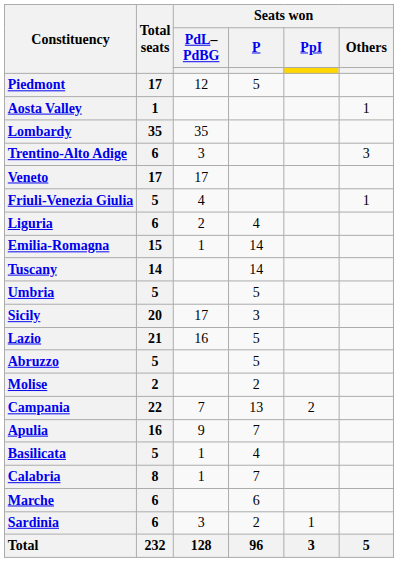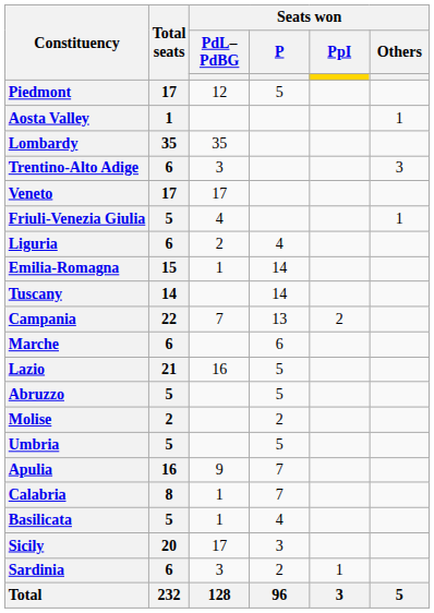 <table class="wikitable" style="text-align:center; font-size: 0.9em">
 <tr>
 <th rowspan="3">Constituency</th>
 <th rowspan="3">Total<br>seats</th>
 <th colspan="4">Seats won</th>
 </tr>
 <tr>
 <th class="unsortable" style="width:50px;"><a href='#'>PdL</a>–<a href='#'>PdBG</a></th>
 <th class="unsortable" style="width:50px;"><a href='#'>P</a></th>
 <th class="unsortable" style="width:50px;"><a href='#'>PpI</a></th>
 <th class="unsortable" style="width:50px;">Others</th>
 </tr>
 <tr>
 <th style="background:"></th>
 <th style="background:"></th>
 <th style="background:gold;"></th>
 <th style="background:"></th>
 </tr>
 <tr>
 <th style="text-align: left;"><a href='#'>Piedmont</a></th>
 <th>17</th>
 <td>12</td>
 <td>5</td>
 <td></td>
 <td></td>
 </tr>
 <tr>
 <th style="text-align: left;"><a href='#'>Aosta Valley</a></th>
 <th>1</th>
 <td></td>
 <td></td>
 <td></td>
 <td>1</td>
 </tr>
 <tr>
 <th style="text-align: left;"><a href='#'>Lombardy</a></th>
 <th>35</th>
 <td>35</td>
 <td></td>
 <td></td>
 <td></td>
 </tr>
 <tr>
 <th style="text-align: left;"><a href='#'>Trentino-Alto Adige</a></th>
 <th>6</th>
 <td>3</td>
 <td></td>
 <td></td>
 <td>3</td>
 </tr>
 <tr>
 <th style="text-align: left;"><a href='#'>Veneto</a></th>
 <th>17</th>
 <td>17</td>
 <td></td>
 <td></td>
 <td></td>
 </tr>
 <tr>
 <th style="text-align: left;"><a href='#'>Friuli-Venezia Giulia</a></th>
 <th>5</th>
 <td>4</td>
 <td></td>
 <td></td>
 <td>1</td>
 </tr>
 <tr>
 <th style="text-align: left;"><a href='#'>Liguria</a></th>
 <th>6</th>
 <td>2</td>
 <td>4</td>
 <td></td>
 <td></td>
 </tr>
 <tr>
 <th style="text-align: left;"><a href='#'>Emilia-Romagna</a></th>
 <th>15</th>
 <td>1</td>
 <td>14</td>
 <td></td>
 <td></td>
 </tr>
 <tr>
 <th style="text-align: left;"><a href='#'>Tuscany</a></th>
 <th>14</th>
 <td></td>
 <td>14</td>
 <td></td>
 <td></td>
 </tr>
 <tr>
-<th style="text-align: left;"><a href='#'>Umbria</a></th>
-<th>5</th>
-<td></td>
-<td>5</td>
-<td></td>
+<th style="text-align: left;"><a href='#'>Campania</a></th>
+<th>22</th>
+<td>7</td>
+<td>13</td>
+<td>2</td>
 <td></td>
 </tr>
 <tr>
-<th style="text-align: left;"><a href='#'>Sicily</a></th>
-<th>20</th>
-<td>17</td>
-<td>3</td>
+<th style="text-align: left;"><a href='#'>Marche</a></th>
+<th>6</th>
+<td></td>
+<td>6</td>
 <td></td>
 <td></td>
 </tr>
 <tr>
 <th style="text-align: left;"><a href='#'>Lazio</a></th>
 <th>21</th>
 <td>16</td>
 <td>5</td>
 <td></td>
 <td></td>
 </tr>
 <tr>
 <th style="text-align: left;"><a href='#'>Abruzzo</a></th>
 <th>5</th>
 <td></td>
 <td>5</td>
 <td></td>
 <td></td>
 </tr>
 <tr>
 <th style="text-align: left;"><a href='#'>Molise</a></th>
 <th>2</th>
 <td></td>
 <td>2</td>
 <td></td>
 <td></td>
 </tr>
 <tr>
-<th style="text-align: left;"><a href='#'>Campania</a></th>
-<th>22</th>
-<td>7</td>
-<td>13</td>
-<td>2</td>
+<th style="text-align: left;"><a href='#'>Umbria</a></th>
+<th>5</th>
+<td></td>
+<td>5</td>
+<td></td>
 <td></td>
 </tr>
 <tr>
 <th style="text-align: left;"><a href='#'>Apulia</a></th>
 <th>16</th>
 <td>9</td>
+<td>7</td>
+<td></td>
+<td></td>
+</tr>
+<tr>
+<th style="text-align: left;"><a href='#'>Calabria</a></th>
+<th>8</th>
+<td>1</td>
 <td>7</td>
 <td></td>
 <td></td>
 </tr>
 <tr>
 <th style="text-align: left;"><a href='#'>Basilicata</a></th>
 <th>5</th>
 <td>1</td>
 <td>4</td>
 <td></td>
 <td></td>
 </tr>
 <tr>
-<th style="text-align: left;"><a href='#'>Calabria</a></th>
-<th>8</th>
-<td>1</td>
-<td>7</td>
-<td></td>
-<td></td>
-</tr>
-<tr>
-<th style="text-align: left;"><a href='#'>Marche</a></th>
-<th>6</th>
-<td></td>
-<td>6</td>
+<th style="text-align: left;"><a href='#'>Sicily</a></th>
+<th>20</th>
+<td>17</td>
+<td>3</td>
 <td></td>
 <td></td>
 </tr>
 <tr>
 <th style="text-align: left;"><a href='#'>Sardinia</a></th>
 <th>6</th>
 <td>3</td>
 <td>2</td>
 <td>1</td>
 <td></td>
 </tr>
 <tr>
 <th style="text-align: left;">Total</th>
 <th>232</th>
 <th>128</th>
 <th>96</th>
 <th>3</th>
 <th>5</th>
 </tr>
 </table>
